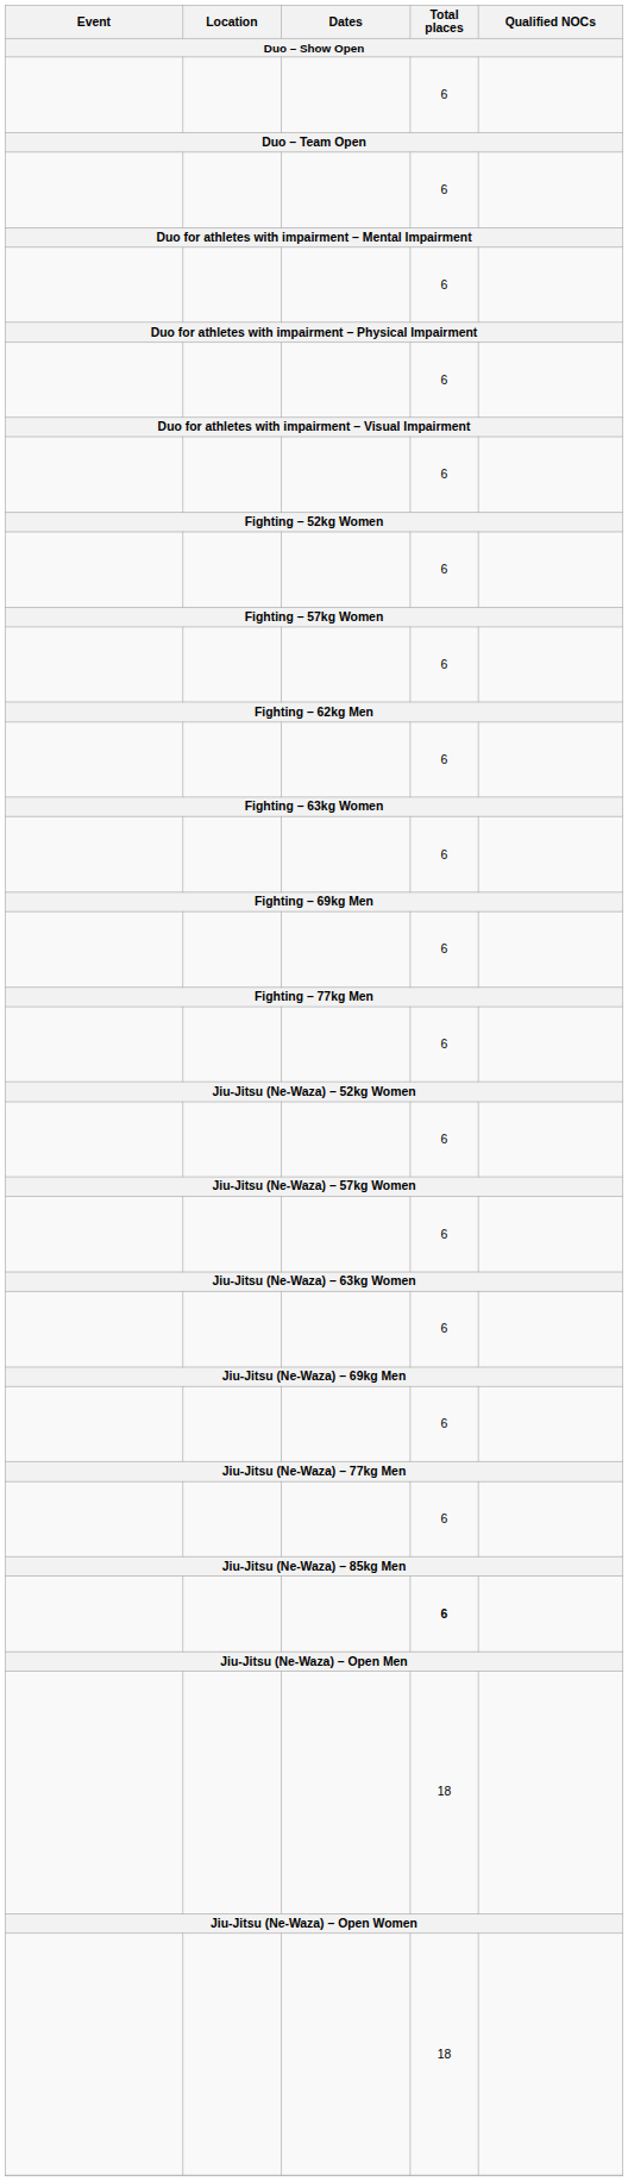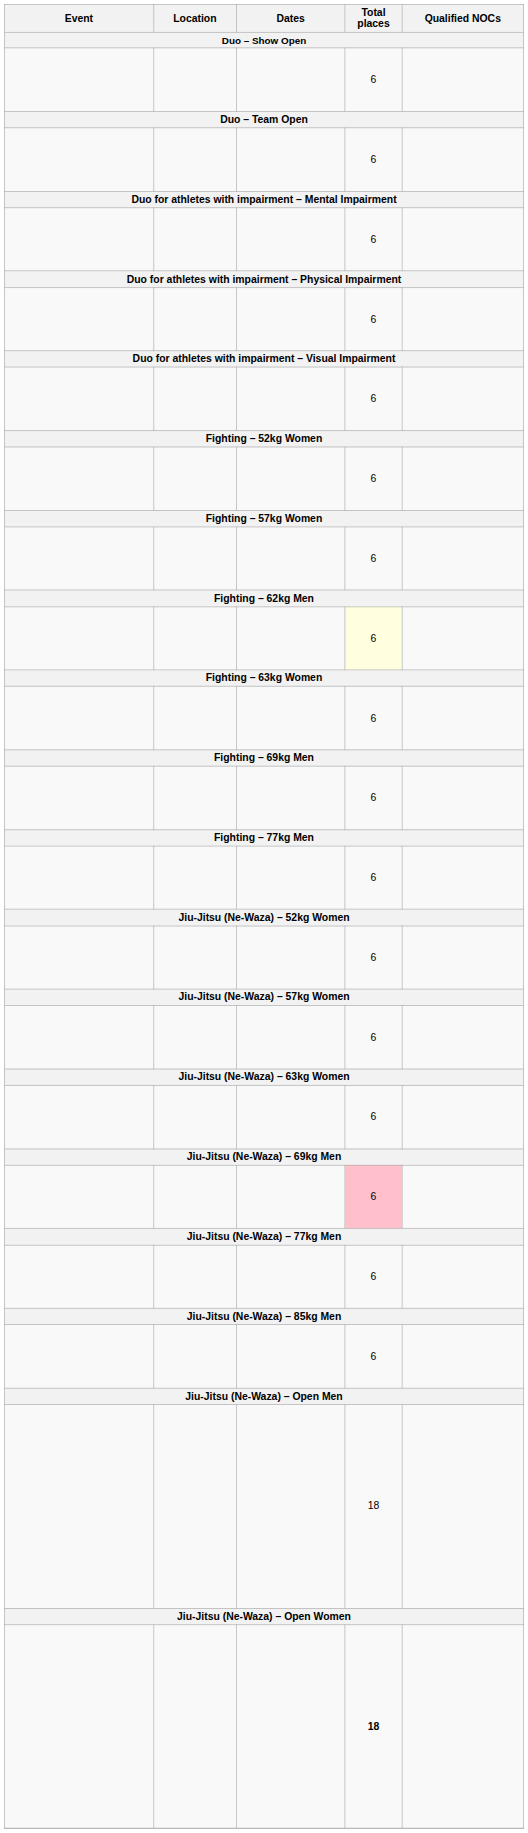 <table class="wikitable" width=800>
 <tr>
 <th>Event</th>
 <th width=120>Location</th>
 <th width=160>Dates</th>
 <th width=80>Total places</th>
 <th width=180>Qualified NOCs</th>
 </tr>
 <tr style="font-size:95%;">
 <th colspan=5>Duo – Show Open</th>
 </tr>
 <tr>
 <td></td>
 <td></td>
 <td></td>
 <td align="center">6</td>
 <td><br><br><br><br><br></td>
 </tr>
 <tr>
 <th colspan=5>Duo – Team Open</th>
 </tr>
 <tr>
 <td></td>
 <td></td>
 <td></td>
 <td align="center">6</td>
 <td><br><br><br><br><br></td>
 </tr>
 <tr>
 <th colspan=5>Duo for athletes with impairment – Mental Impairment</th>
 </tr>
 <tr>
 <td></td>
 <td></td>
 <td></td>
 <td align="center">6</td>
 <td><br><br><br><br><br></td>
 </tr>
 <tr>
 <th colspan=5>Duo for athletes with impairment – Physical Impairment</th>
 </tr>
 <tr>
 <td></td>
 <td></td>
 <td></td>
 <td align="center">6</td>
 <td><br><br><br><br><br></td>
 </tr>
 <tr>
 <th colspan=5>Duo for athletes with impairment – Visual Impairment</th>
 </tr>
 <tr>
 <td></td>
 <td></td>
 <td></td>
 <td align="center">6</td>
 <td><br><br><br><br><br></td>
 </tr>
 <tr>
 <th colspan=5>Fighting – 52kg Women</th>
 </tr>
 <tr>
 <td></td>
 <td></td>
 <td></td>
 <td align="center">6</td>
 <td><br><br><br><br><br></td>
 </tr>
 <tr>
 <th colspan=5>Fighting – 57kg Women</th>
 </tr>
 <tr>
 <td></td>
 <td></td>
 <td></td>
 <td align="center">6</td>
 <td><br><br><br><br><br></td>
 </tr>
 <tr>
 <th colspan=5>Fighting – 62kg Men</th>
 </tr>
 <tr>
 <td></td>
 <td></td>
 <td></td>
-<td align="center">6</td>
+<td align="center" style="background: lightyellow;">6</td>
 <td><br><br><br><br><br></td>
 </tr>
 <tr>
 <th colspan=5>Fighting – 63kg Women</th>
 </tr>
 <tr>
 <td></td>
 <td></td>
 <td></td>
 <td align="center">6</td>
 <td><br><br><br><br><br></td>
 </tr>
 <tr>
 <th colspan=5>Fighting – 69kg Men</th>
 </tr>
 <tr>
 <td></td>
 <td></td>
 <td></td>
 <td align="center">6</td>
 <td><br><br><br><br><br></td>
 </tr>
 <tr>
 <th colspan=5>Fighting – 77kg Men</th>
 </tr>
 <tr>
 <td></td>
 <td></td>
 <td></td>
 <td align="center">6</td>
 <td><br><br><br><br><br></td>
 </tr>
 <tr>
 <th colspan=5>Jiu-Jitsu (Ne-Waza) – 52kg Women</th>
 </tr>
 <tr>
 <td></td>
 <td></td>
 <td></td>
 <td align="center">6</td>
 <td><br><br><br><br><br></td>
 </tr>
 <tr>
 <th colspan=5>Jiu-Jitsu (Ne-Waza) – 57kg Women</th>
 </tr>
 <tr>
 <td></td>
 <td></td>
 <td></td>
 <td align="center">6</td>
 <td><br><br><br><br><br></td>
 </tr>
 <tr>
 <th colspan=5>Jiu-Jitsu (Ne-Waza) – 63kg Women</th>
 </tr>
 <tr>
 <td></td>
 <td></td>
 <td></td>
 <td align="center">6</td>
 <td><br><br><br><br><br></td>
 </tr>
 <tr>
 <th colspan=5>Jiu-Jitsu (Ne-Waza) – 69kg Men</th>
 </tr>
 <tr>
 <td></td>
 <td></td>
 <td></td>
-<td align="center">6</td>
+<td align="center" style="background: pink;">6</td>
 <td><br><br><br><br><br></td>
 </tr>
 <tr>
 <th colspan=5>Jiu-Jitsu (Ne-Waza) – 77kg Men</th>
 </tr>
 <tr>
 <td></td>
 <td></td>
 <td></td>
 <td align="center">6</td>
 <td><br><br><br><br><br></td>
 </tr>
 <tr>
 <th colspan=5>Jiu-Jitsu (Ne-Waza) – 85kg Men</th>
 </tr>
 <tr>
 <td></td>
 <td></td>
 <td></td>
-<td align="center"><strong>6</strong></td>
+<td align="center">6</td>
 <td><br><br><br><br><br></td>
 </tr>
 <tr>
 <th colspan=5>Jiu-Jitsu (Ne-Waza) – Open Men</th>
 </tr>
 <tr>
 <td></td>
 <td></td>
 <td></td>
 <td align="center">18</td>
 <td><br><br><br><br><br><br><br><br><br><br><br><br><br><br><br><br><br></td>
 </tr>
 <tr>
 <th colspan=5>Jiu-Jitsu (Ne-Waza) – Open Women</th>
 </tr>
 <tr>
 <td></td>
 <td></td>
 <td></td>
-<td align="center">18</td>
+<td align="center"><strong>18</strong></td>
 <td><br><br><br><br><br><br><br><br><br><br><br><br><br><br><br><br><br></td>
 </tr>
 <tr>
 </tr>
 </table>
